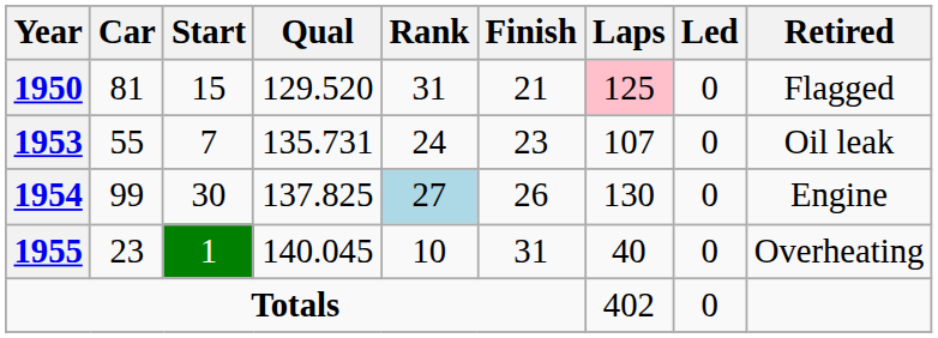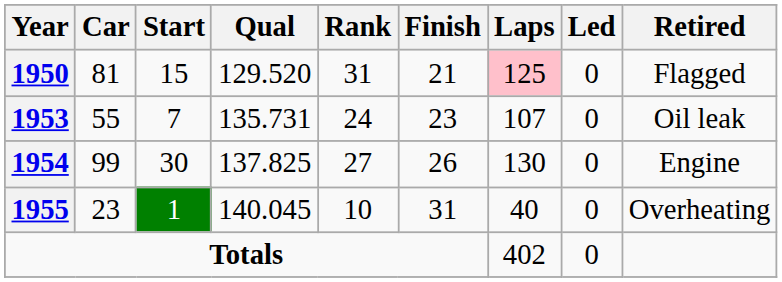 <table class="wikitable" style="text-align:center">
 <tr>
 <th>Year</th>
 <th>Car</th>
 <th>Start</th>
 <th>Qual</th>
 <th>Rank</th>
 <th>Finish</th>
 <th>Laps</th>
 <th>Led</th>
 <th>Retired</th>
 </tr>
 <tr>
 <th><a href='#'>1950</a></th>
 <td>81</td>
 <td>15</td>
 <td>129.520</td>
 <td>31</td>
 <td>21</td>
 <td style="background: pink;">125</td>
 <td>0</td>
 <td>Flagged</td>
 </tr>
 <tr>
 <th><a href='#'>1953</a></th>
 <td>55</td>
 <td>7</td>
 <td>135.731</td>
 <td>24</td>
 <td>23</td>
 <td>107</td>
 <td>0</td>
 <td>Oil leak</td>
 </tr>
 <tr>
 <th><a href='#'>1954</a></th>
 <td>99</td>
 <td>30</td>
 <td>137.825</td>
-<td style="background: lightblue;">27</td>
+<td>27</td>
 <td>26</td>
 <td>130</td>
 <td>0</td>
 <td>Engine</td>
 </tr>
 <tr>
 <th><a href='#'>1955</a></th>
 <td>23</td>
 <td style="background:green;color:white">1</td>
 <td>140.045</td>
 <td>10</td>
 <td>31</td>
 <td>40</td>
 <td>0</td>
 <td>Overheating</td>
 </tr>
 <tr>
 <td colspan=6><strong>Totals</strong></td>
 <td>402</td>
 <td>0</td>
 <td></td>
 </tr>
 </table>
